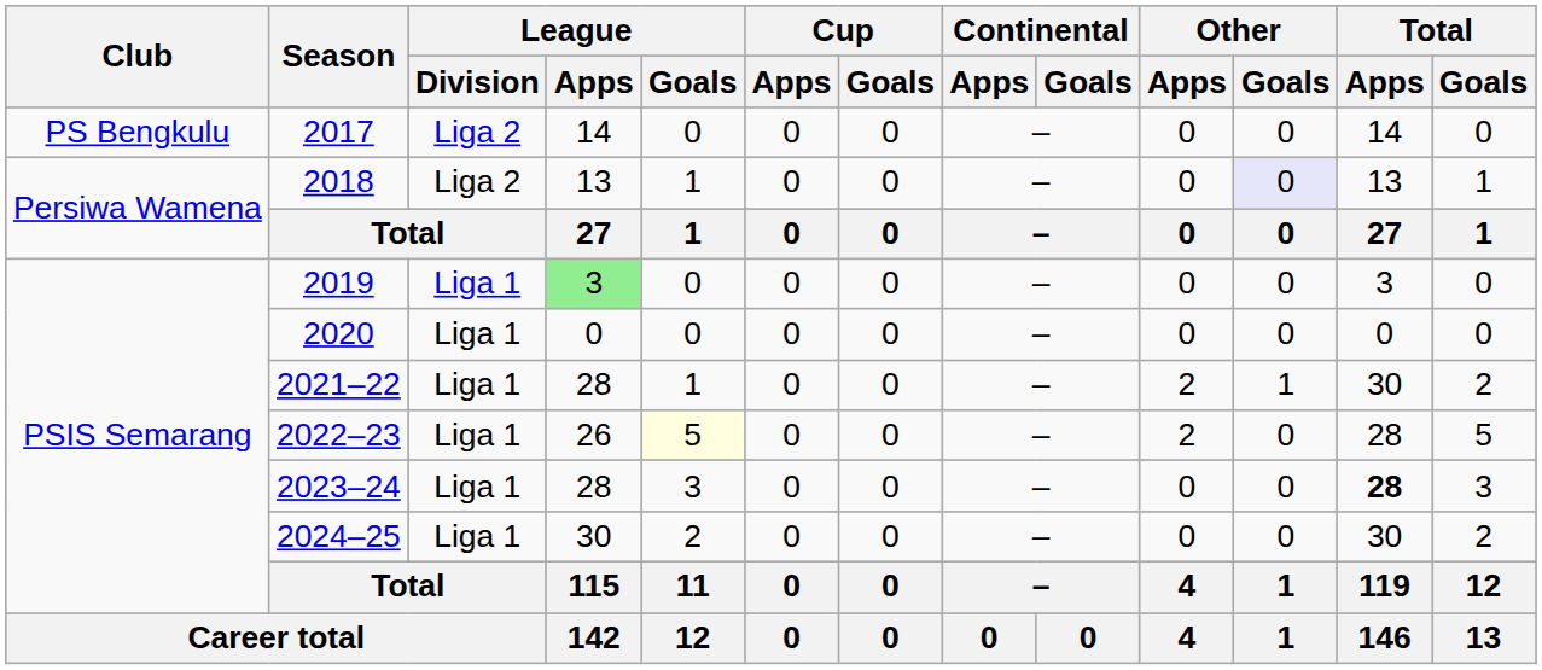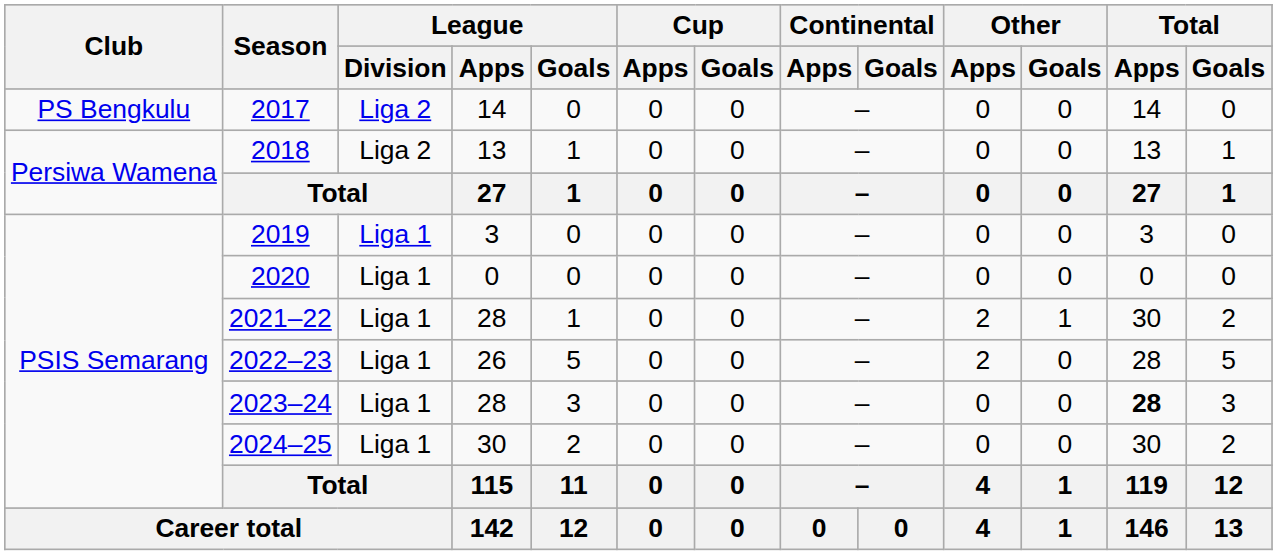 <table class="wikitable" style="text-align:center">
 <tr>
 <th rowspan="2">Club</th>
 <th rowspan="2">Season</th>
 <th colspan="3">League</th>
 <th colspan="2">Cup</th>
 <th colspan="2">Continental</th>
 <th colspan="2">Other</th>
 <th colspan="2">Total</th>
 </tr>
 <tr>
 <th>Division</th>
 <th>Apps</th>
 <th>Goals</th>
 <th>Apps</th>
 <th>Goals</th>
 <th>Apps</th>
 <th>Goals</th>
 <th>Apps</th>
 <th>Goals</th>
 <th>Apps</th>
 <th>Goals</th>
 </tr>
 <tr>
 <td rowspan="1"><a href='#'>PS Bengkulu</a></td>
 <td><a href='#'>2017</a></td>
 <td><a href='#'>Liga 2</a></td>
 <td>14</td>
 <td>0</td>
 <td>0</td>
 <td>0</td>
 <td colspan="2">–</td>
 <td>0</td>
 <td>0</td>
 <td>14</td>
 <td>0</td>
 </tr>
 <tr>
 <td rowspan="2"><a href='#'>Persiwa Wamena</a></td>
 <td><a href='#'>2018</a></td>
 <td>Liga 2</td>
 <td>13</td>
 <td>1</td>
 <td>0</td>
 <td>0</td>
 <td colspan="2">–</td>
 <td>0</td>
-<td style="background: lavender;">0</td>
+<td>0</td>
 <td>13</td>
 <td>1</td>
 </tr>
 <tr>
 <th colspan="2">Total</th>
 <th>27</th>
 <th>1</th>
 <th>0</th>
 <th>0</th>
 <th colspan="2">–</th>
 <th>0</th>
 <th>0</th>
 <th>27</th>
 <th>1</th>
 </tr>
 <tr>
 <td rowspan="7"><a href='#'>PSIS Semarang</a></td>
 <td><a href='#'>2019</a></td>
 <td rowspan="1"><a href='#'>Liga 1</a></td>
-<td style="background: lightgreen;">3</td>
+<td>3</td>
 <td>0</td>
 <td>0</td>
 <td>0</td>
 <td colspan="2">–</td>
 <td>0</td>
 <td>0</td>
 <td>3</td>
 <td>0</td>
 </tr>
 <tr>
 <td><a href='#'>2020</a></td>
 <td rowspan="1" valign="center">Liga 1</td>
 <td>0</td>
 <td>0</td>
 <td>0</td>
 <td>0</td>
 <td colspan="2">–</td>
 <td>0</td>
 <td>0</td>
 <td>0</td>
 <td>0</td>
 </tr>
 <tr>
 <td><a href='#'>2021–22</a></td>
 <td rowspan="1" valign="center">Liga 1</td>
 <td>28</td>
 <td>1</td>
 <td>0</td>
 <td>0</td>
 <td colspan="2">–</td>
 <td>2</td>
 <td>1</td>
 <td>30</td>
 <td>2</td>
 </tr>
 <tr>
 <td><a href='#'>2022–23</a></td>
 <td>Liga 1</td>
 <td>26</td>
-<td style="background: lightyellow;">5</td>
+<td>5</td>
 <td>0</td>
 <td>0</td>
 <td colspan="2">–</td>
 <td>2</td>
 <td>0</td>
 <td>28</td>
 <td>5</td>
 </tr>
 <tr>
 <td><a href='#'>2023–24</a></td>
 <td>Liga 1</td>
 <td>28</td>
 <td>3</td>
 <td>0</td>
 <td>0</td>
 <td colspan="2">–</td>
 <td>0</td>
 <td>0</td>
 <td><strong>28</strong></td>
 <td>3</td>
 </tr>
 <tr>
 <td><a href='#'>2024–25</a></td>
 <td>Liga 1</td>
 <td>30</td>
 <td>2</td>
 <td>0</td>
 <td>0</td>
 <td colspan="2">–</td>
 <td>0</td>
 <td>0</td>
 <td>30</td>
 <td>2</td>
 </tr>
 <tr>
 <th colspan="2">Total</th>
 <th>115</th>
 <th>11</th>
 <th>0</th>
 <th>0</th>
 <th colspan="2">–</th>
 <th>4</th>
 <th>1</th>
 <th>119</th>
 <th>12</th>
 </tr>
 <tr>
 <th colspan="3">Career total</th>
 <th>142</th>
 <th>12</th>
 <th>0</th>
 <th>0</th>
 <th>0</th>
 <th>0</th>
 <th>4</th>
 <th>1</th>
 <th>146</th>
 <th>13</th>
 </tr>
 </table>
